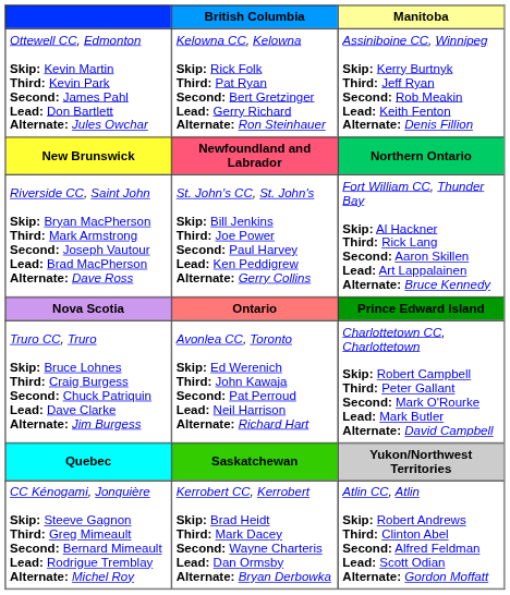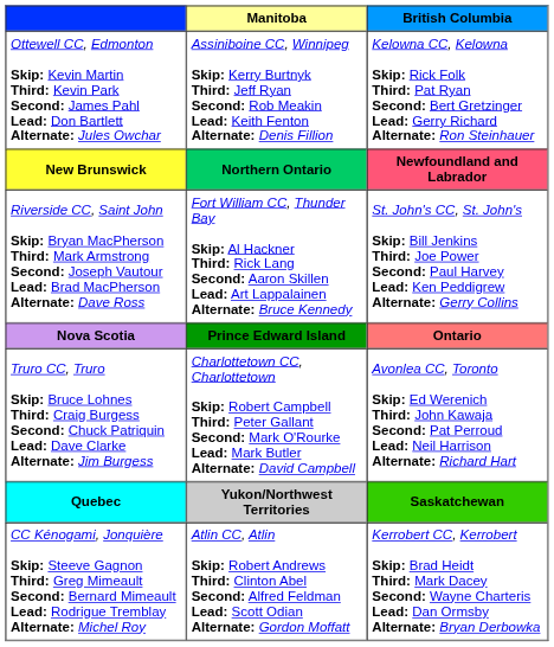 <table border=1 cellpadding=5 cellspacing=0>
 <tr>
 <th bgcolor=#0033ff width=200></th>
+<th bgcolor=#ffff99 width=200>Manitoba</th>
 <th bgcolor=#0099ff width=200>British Columbia</th>
-<th bgcolor=#ffff99 width=200>Manitoba</th>
 </tr>
 <tr>
 <td><em><a href='#'>Ottewell CC</a>, <a href='#'>Edmonton</a></em><br><br><strong>Skip:</strong> <a href='#'>Kevin Martin</a> <br> <strong>Third:</strong> <a href='#'>Kevin Park</a> <br> <strong>Second:</strong> <a href='#'>James Pahl</a> <br> <strong>Lead:</strong> <a href='#'>Don Bartlett</a> <br> <strong>Alternate:</strong> <em><a href='#'>Jules Owchar</a></em></td>
+<td><em><a href='#'>Assiniboine CC</a>, <a href='#'>Winnipeg</a></em><br><br><strong>Skip:</strong> <a href='#'>Kerry Burtnyk</a> <br> <strong>Third:</strong> <a href='#'>Jeff Ryan</a> <br> <strong>Second:</strong> <a href='#'>Rob Meakin</a> <br> <strong>Lead:</strong> <a href='#'>Keith Fenton</a> <br> <strong>Alternate:</strong> <em><a href='#'>Denis Fillion</a></em></td>
 <td><em><a href='#'>Kelowna CC</a>, <a href='#'>Kelowna</a></em><br><br><strong>Skip:</strong> <a href='#'>Rick Folk</a><br> <strong>Third:</strong> <a href='#'>Pat Ryan</a><br> <strong>Second:</strong> <a href='#'>Bert Gretzinger</a><br> <strong>Lead:</strong> <a href='#'>Gerry Richard</a> <br> <strong>Alternate:</strong> <em><a href='#'>Ron Steinhauer</a></em></td>
-<td><em><a href='#'>Assiniboine CC</a>, <a href='#'>Winnipeg</a></em><br><br><strong>Skip:</strong> <a href='#'>Kerry Burtnyk</a> <br> <strong>Third:</strong> <a href='#'>Jeff Ryan</a> <br> <strong>Second:</strong> <a href='#'>Rob Meakin</a> <br> <strong>Lead:</strong> <a href='#'>Keith Fenton</a> <br> <strong>Alternate:</strong> <em><a href='#'>Denis Fillion</a></em></td>
 </tr>
 <tr border=1 cellpadding=5 cellspacing=0>
 <th bgcolor=#ffff33 width=200>New Brunswick</th>
+<th bgcolor=#00CC66 width=200>Northern Ontario</th>
 <th bgcolor=#ff5577 width=200>Newfoundland and Labrador</th>
-<th bgcolor=#00CC66 width=200>Northern Ontario</th>
 </tr>
 <tr>
 <td><em><a href='#'>Riverside CC</a>, <a href='#'>Saint John</a></em><br><br><strong>Skip:</strong> <a href='#'>Bryan MacPherson</a><br> <strong>Third:</strong> <a href='#'>Mark Armstrong</a><br> <strong>Second:</strong> <a href='#'>Joseph Vautour</a><br> <strong>Lead:</strong> <a href='#'>Brad MacPherson</a> <br> <strong>Alternate:</strong> <em><a href='#'>Dave Ross</a></em></td>
+<td><em><a href='#'>Fort William CC</a>, <a href='#'>Thunder Bay</a></em><br><br><strong>Skip:</strong> <a href='#'>Al Hackner</a><br> <strong>Third:</strong> <a href='#'>Rick Lang</a><br> <strong>Second:</strong> <a href='#'>Aaron Skillen</a><br> <strong>Lead:</strong> <a href='#'>Art Lappalainen</a> <br> <strong>Alternate:</strong> <em><a href='#'>Bruce Kennedy</a></em></td>
 <td><em><a href='#'>St. John's CC</a>, <a href='#'>St. John's</a></em><br><br><strong>Skip:</strong> <a href='#'>Bill Jenkins</a><br> <strong>Third:</strong> <a href='#'>Joe Power</a><br> <strong>Second:</strong> <a href='#'>Paul Harvey</a><br> <strong>Lead:</strong> <a href='#'>Ken Peddigrew</a> <br> <strong>Alternate:</strong> <em><a href='#'>Gerry Collins</a></em></td>
-<td><em><a href='#'>Fort William CC</a>, <a href='#'>Thunder Bay</a></em><br><br><strong>Skip:</strong> <a href='#'>Al Hackner</a><br> <strong>Third:</strong> <a href='#'>Rick Lang</a><br> <strong>Second:</strong> <a href='#'>Aaron Skillen</a><br> <strong>Lead:</strong> <a href='#'>Art Lappalainen</a> <br> <strong>Alternate:</strong> <em><a href='#'>Bruce Kennedy</a></em></td>
 </tr>
 <tr border=1 cellpadding=5 cellspacing=0>
 <th bgcolor=#cc99ee width=200>Nova Scotia</th>
+<th bgcolor=#009900 width=200>Prince Edward Island</th>
 <th bgcolor=#ff7777 width=200>Ontario</th>
-<th bgcolor=#009900 width=200>Prince Edward Island</th>
 </tr>
 <tr>
 <td><em><a href='#'>Truro CC</a>, <a href='#'>Truro</a></em><br><br><strong>Skip:</strong> <a href='#'>Bruce Lohnes</a> <br> <strong>Third:</strong> <a href='#'>Craig Burgess</a> <br> <strong>Second:</strong> <a href='#'>Chuck Patriquin</a> <br> <strong>Lead:</strong> <a href='#'>Dave Clarke</a> <br> <strong>Alternate:</strong> <em><a href='#'>Jim Burgess</a></em></td>
+<td><em><a href='#'>Charlottetown CC</a>, <a href='#'>Charlottetown</a></em><br><br><strong>Skip:</strong> <a href='#'>Robert Campbell</a> <br> <strong>Third:</strong> <a href='#'>Peter Gallant</a><br> <strong>Second:</strong> <a href='#'>Mark O'Rourke</a><br> <strong>Lead:</strong> <a href='#'>Mark Butler</a><br> <strong>Alternate:</strong> <em><a href='#'>David Campbell</a></em></td>
 <td><em><a href='#'>Avonlea CC</a>, <a href='#'>Toronto</a></em><br><br><strong>Skip:</strong> <a href='#'>Ed Werenich</a> <br> <strong>Third:</strong> <a href='#'>John Kawaja</a> <br> <strong>Second:</strong> <a href='#'>Pat Perroud</a> <br> <strong>Lead:</strong> <a href='#'>Neil Harrison</a> <br> <strong>Alternate:</strong> <em><a href='#'>Richard Hart</a></em></td>
-<td><em><a href='#'>Charlottetown CC</a>, <a href='#'>Charlottetown</a></em><br><br><strong>Skip:</strong> <a href='#'>Robert Campbell</a> <br> <strong>Third:</strong> <a href='#'>Peter Gallant</a><br> <strong>Second:</strong> <a href='#'>Mark O'Rourke</a><br> <strong>Lead:</strong> <a href='#'>Mark Butler</a><br> <strong>Alternate:</strong> <em><a href='#'>David Campbell</a></em></td>
 </tr>
 <tr border=1 cellpadding=5 cellspacing=0>
 <th bgcolor=#00ffff width=200>Quebec</th>
+<th bgcolor=#cccccc width=200>Yukon/Northwest Territories</th>
 <th bgcolor=#33cc00 width=200>Saskatchewan</th>
-<th bgcolor=#cccccc width=200>Yukon/Northwest Territories</th>
 </tr>
 <tr>
 <td><em><a href='#'>CC Kénogami</a>, <a href='#'>Jonquière</a></em><br><br><strong>Skip:</strong> <a href='#'>Steeve Gagnon</a><br> <strong>Third:</strong> <a href='#'>Greg Mimeault</a><br> <strong>Second:</strong> <a href='#'>Bernard Mimeault</a> <br> <strong>Lead:</strong> <a href='#'>Rodrigue Tremblay</a> <br> <strong>Alternate:</strong> <em><a href='#'>Michel Roy</a></em></td>
+<td><em><a href='#'>Atlin CC</a>, <a href='#'>Atlin</a></em><br><br><strong>Skip:</strong> <a href='#'>Robert Andrews</a> <br> <strong>Third:</strong> <a href='#'>Clinton Abel</a> <br> <strong>Second:</strong> <a href='#'>Alfred Feldman</a> <br> <strong>Lead:</strong> <a href='#'>Scott Odian</a><br> <strong>Alternate:</strong> <em><a href='#'>Gordon Moffatt</a></em></td>
 <td><em><a href='#'>Kerrobert CC</a>, <a href='#'>Kerrobert</a></em><br><br><strong>Skip:</strong> <a href='#'>Brad Heidt</a><br> <strong>Third:</strong> <a href='#'>Mark Dacey</a><br> <strong>Second:</strong> <a href='#'>Wayne Charteris</a><br> <strong>Lead:</strong> <a href='#'>Dan Ormsby</a><br> <strong>Alternate:</strong> <em><a href='#'>Bryan Derbowka</a></em></td>
-<td><em><a href='#'>Atlin CC</a>, <a href='#'>Atlin</a></em><br><br><strong>Skip:</strong> <a href='#'>Robert Andrews</a> <br> <strong>Third:</strong> <a href='#'>Clinton Abel</a> <br> <strong>Second:</strong> <a href='#'>Alfred Feldman</a> <br> <strong>Lead:</strong> <a href='#'>Scott Odian</a><br> <strong>Alternate:</strong> <em><a href='#'>Gordon Moffatt</a></em></td>
 </tr>
 </table>
